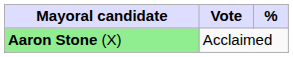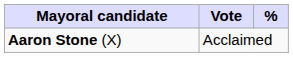 <table class="wikitable">
 <tr>
 <th style="background:#ddf;" width="200px">Mayoral candidate</th>
 <th style="background:#ddf;" width="50px">Vote</th>
 <th style="background:#ddf;" width="30px">%</th>
 </tr>
 <tr>
-<td style="background: lightgreen;"><strong>Aaron Stone</strong> (X)</td>
+<td><strong>Aaron Stone</strong> (X)</td>
 <td colspan="2">Acclaimed</td>
 </tr>
 </table>
